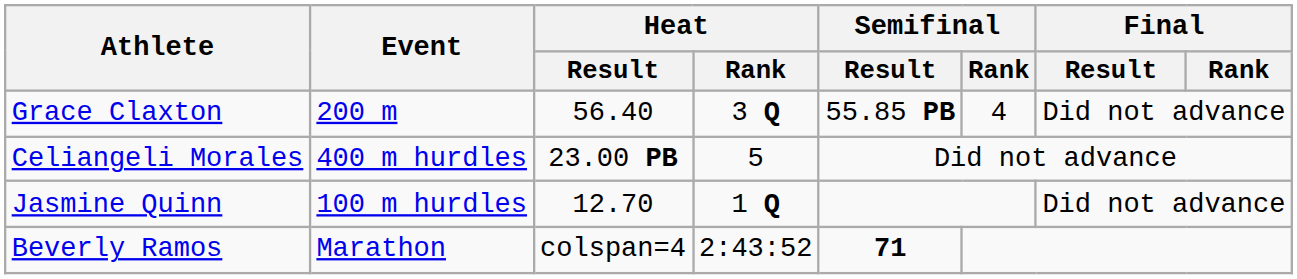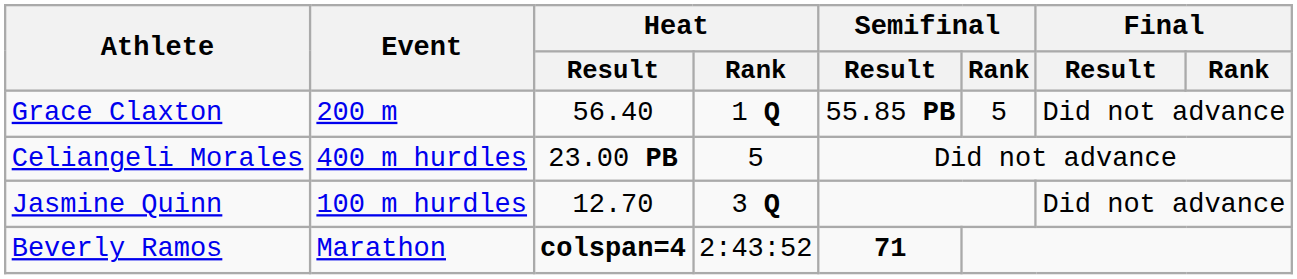 <table class="wikitable" style="font-size:90%">
 <tr>
 <th rowspan="2">Athlete</th>
 <th rowspan="2">Event</th>
 <th colspan="2">Heat</th>
 <th colspan="2">Semifinal</th>
 <th colspan="2">Final</th>
 </tr>
 <tr style="font-size:95%">
 <th>Result</th>
 <th>Rank</th>
 <th>Result</th>
 <th>Rank</th>
 <th>Result</th>
 <th>Rank</th>
 </tr>
 <tr align=center>
 <td align=left><a href='#'>Grace Claxton</a></td>
 <td align=left><a href='#'>200 m</a></td>
 <td>56.40</td>
-<td>3 <strong>Q</strong></td>
+<td>1 <strong>Q</strong></td>
 <td>55.85 <strong>PB</strong></td>
-<td>4</td>
+<td>5</td>
 <td colspan=2>Did not advance</td>
 </tr>
 <tr align=center>
 <td align=left><a href='#'>Celiangeli Morales</a></td>
 <td align=left><a href='#'>400 m hurdles</a></td>
 <td>23.00 <strong>PB</strong></td>
 <td>5</td>
 <td colspan=4>Did not advance</td>
 </tr>
 <tr align=center>
 <td align=left><a href='#'>Jasmine Quinn</a></td>
 <td align=left><a href='#'>100 m hurdles</a></td>
 <td>12.70</td>
-<td>1 <strong>Q</strong></td>
+<td>3 <strong>Q</strong></td>
 <td colspan=2></td>
 <td colspan=2>Did not advance</td>
 </tr>
 <tr align=center>
 <td align=left><a href='#'>Beverly Ramos</a></td>
 <td align=left><a href='#'>Marathon</a></td>
-<td>colspan=4 </td>
+<td><strong>colspan=4 </strong></td>
 <td>2:43:52</td>
 <td><strong>71</strong></td>
 </tr>
 </table>
